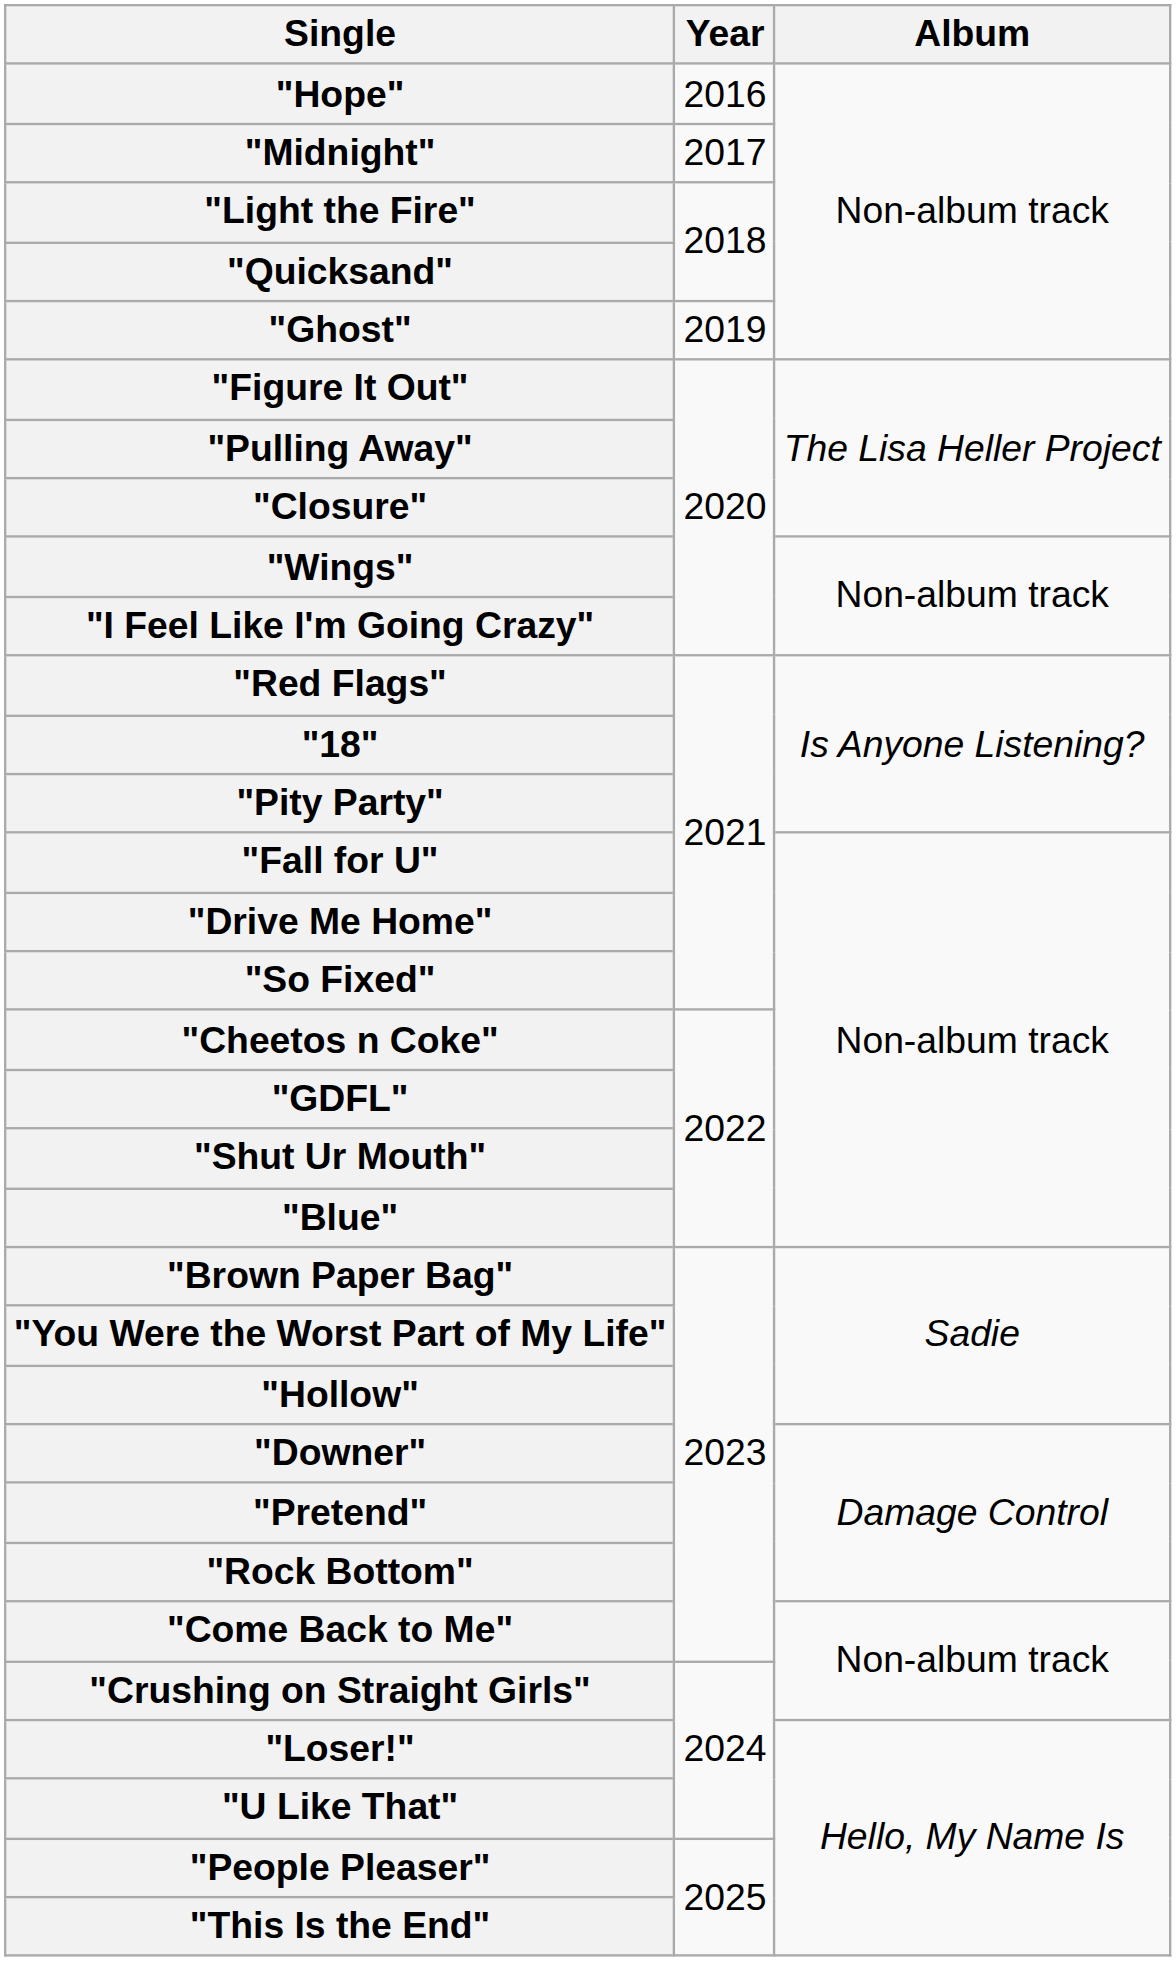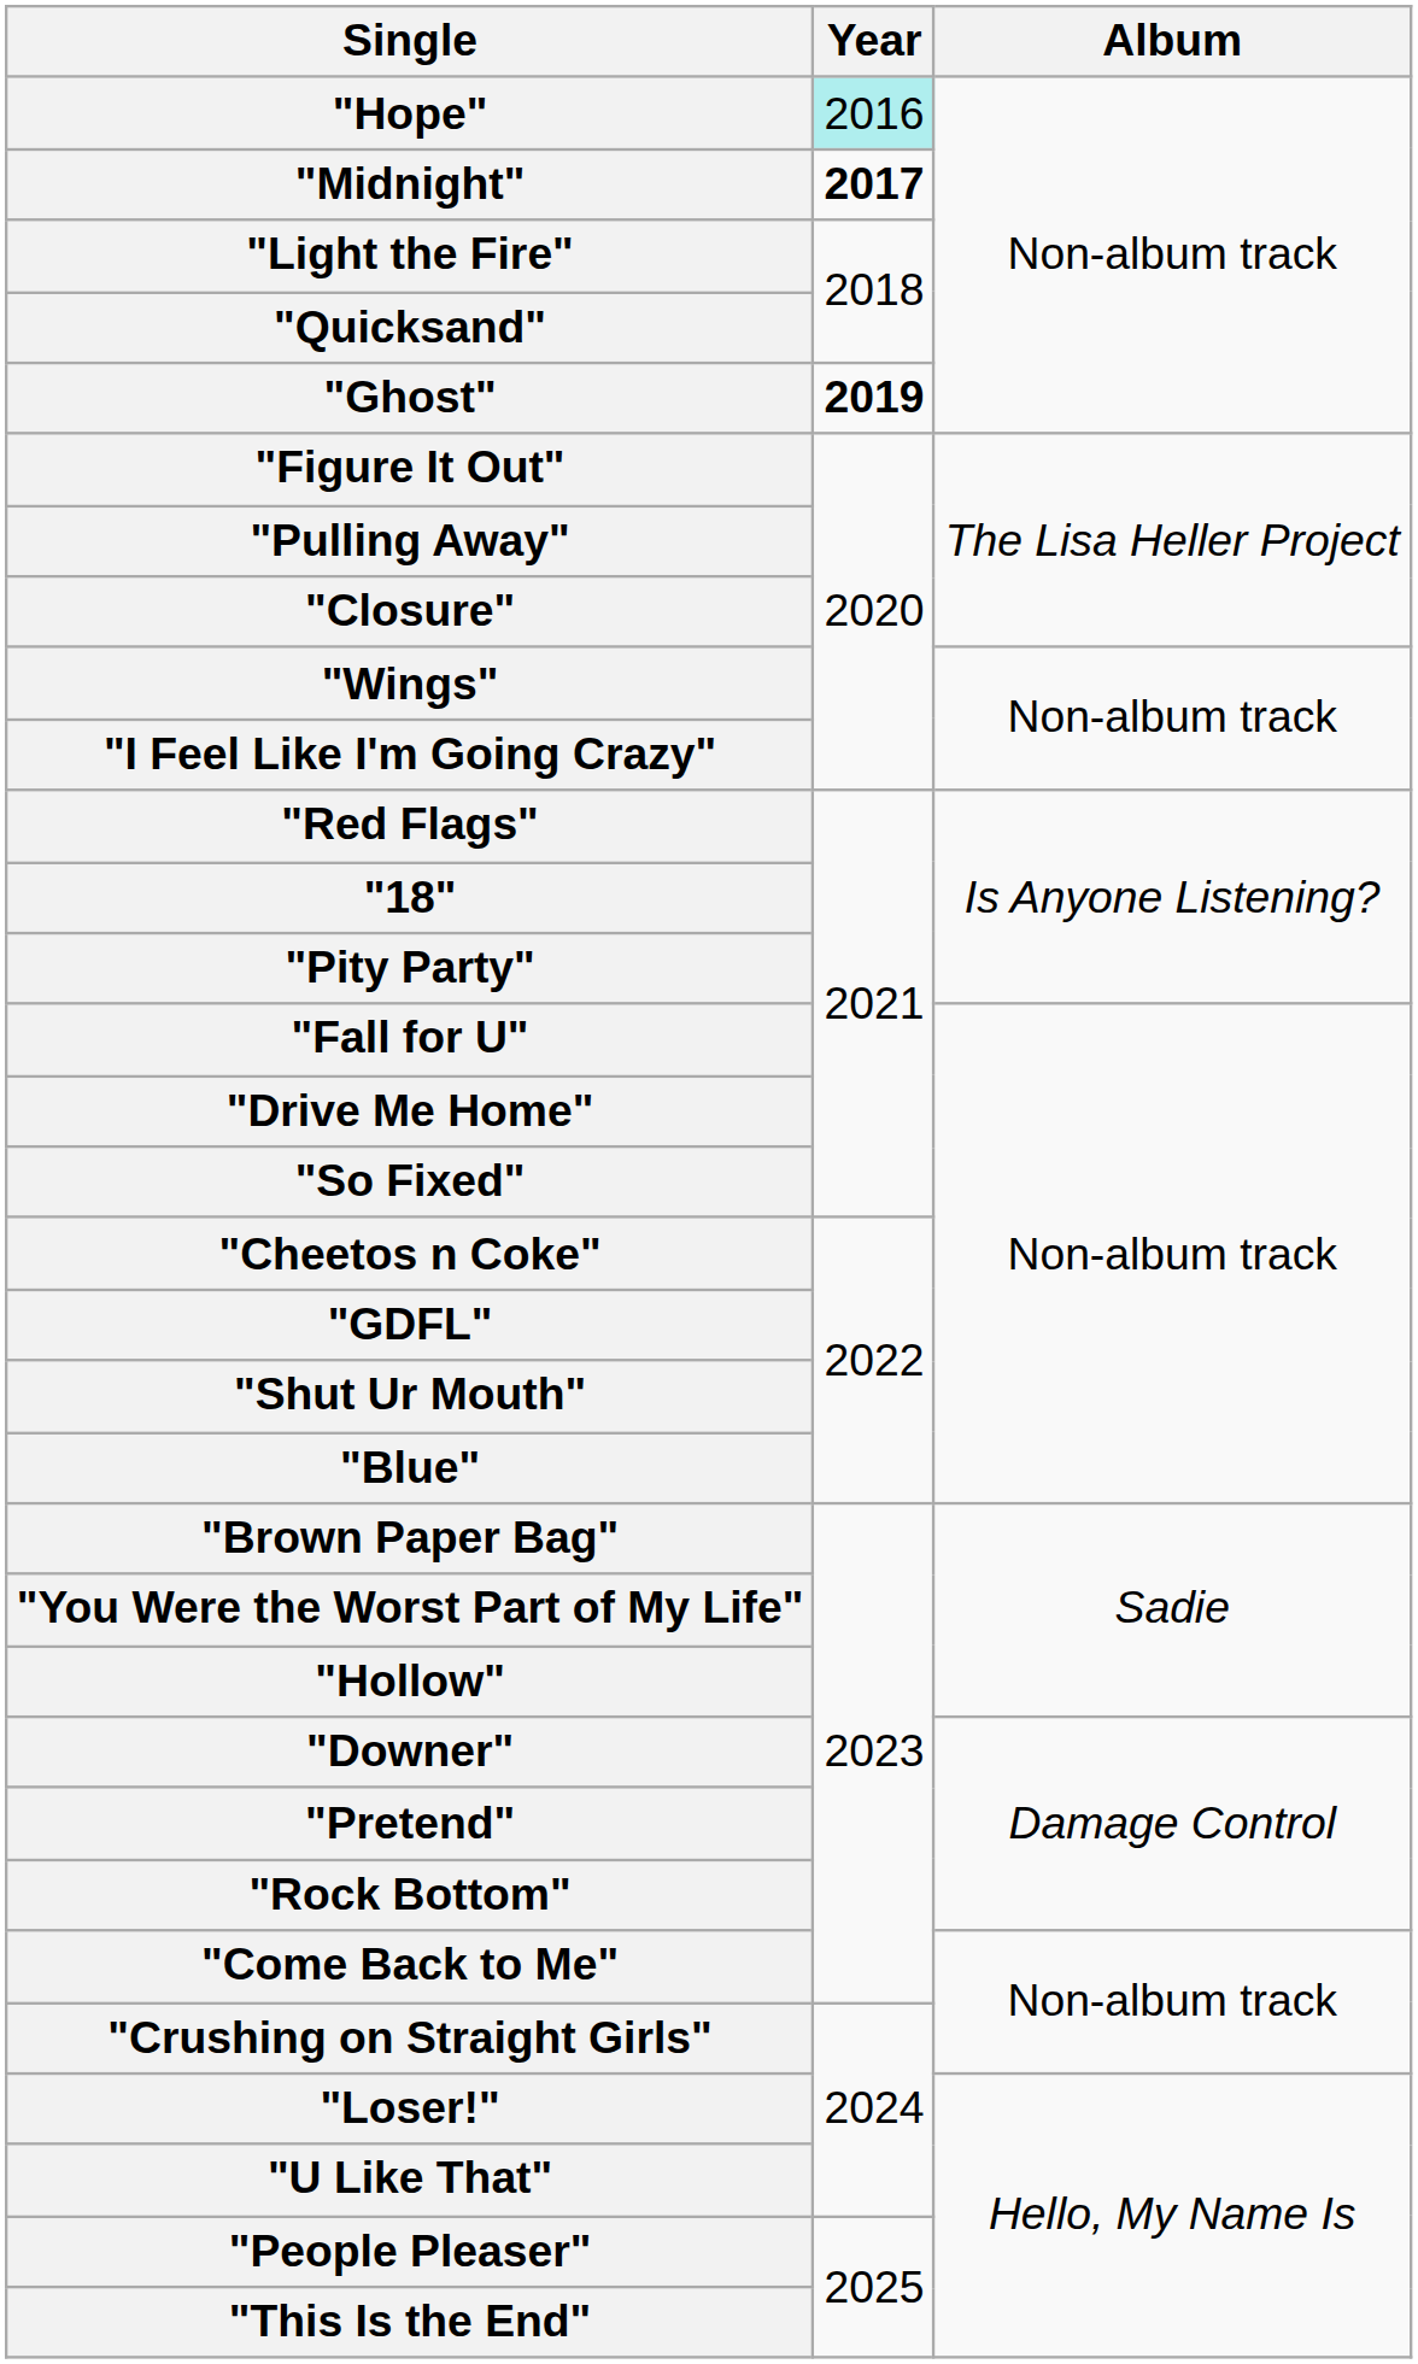 <table class="wikitable plainrowheaders" style="text-align:center;">
 <tr>
 <th scope="col">Single</th>
 <th scope="col">Year</th>
 <th scope="col">Album</th>
 </tr>
 <tr>
 <th scope="row">"Hope"</th>
-<td>2016</td>
+<td style="background: paleturquoise;">2016</td>
 <td rowspan="5">Non-album track</td>
 </tr>
 <tr>
 <th scope="row">"Midnight"</th>
-<td>2017</td>
+<td><strong>2017</strong></td>
 </tr>
 <tr>
 <th scope="row">"Light the Fire"</th>
 <td rowspan="2">2018</td>
 </tr>
 <tr>
 <th scope="row">"Quicksand"</th>
 </tr>
 <tr>
 <th scope="row">"Ghost"</th>
-<td>2019</td>
+<td><strong>2019</strong></td>
 </tr>
 <tr>
 <th scope="row">"Figure It Out"</th>
 <td rowspan="5">2020</td>
 <td rowspan="3"><em>The Lisa Heller Project</em></td>
 </tr>
 <tr>
 <th scope="row">"Pulling Away"</th>
 </tr>
 <tr>
 <th scope="row">"Closure"</th>
 </tr>
 <tr>
 <th scope="row">"Wings"</th>
 <td rowspan="2">Non-album track</td>
 </tr>
 <tr>
 <th scope="row">"I Feel Like I'm Going Crazy"</th>
 </tr>
 <tr>
 <th scope="row">"Red Flags"</th>
 <td rowspan="6">2021</td>
 <td rowspan="3"><em>Is Anyone Listening?</em></td>
 </tr>
 <tr>
 <th scope="row">"18"</th>
 </tr>
 <tr>
 <th scope="row">"Pity Party"</th>
 </tr>
 <tr>
 <th scope="row">"Fall for U"</th>
 <td rowspan="7">Non-album track</td>
 </tr>
 <tr>
 <th scope="row">"Drive Me Home"</th>
 </tr>
 <tr>
 <th scope="row">"So Fixed"</th>
 </tr>
 <tr>
 <th scope="row">"Cheetos n Coke"</th>
 <td rowspan="4">2022</td>
 </tr>
 <tr>
 <th scope="row">"GDFL"</th>
 </tr>
 <tr>
 <th scope="row">"Shut Ur Mouth"</th>
 </tr>
 <tr>
 <th scope="row">"Blue"</th>
 </tr>
 <tr>
 <th scope="row">"Brown Paper Bag"</th>
 <td rowspan="7">2023</td>
 <td rowspan="3"><em>Sadie</em></td>
 </tr>
 <tr>
 <th scope="row">"You Were the Worst Part of My Life"</th>
 </tr>
 <tr>
 <th scope="row">"Hollow"</th>
 </tr>
 <tr>
 <th scope="row">"Downer"</th>
 <td rowspan="3"><em>Damage Control</em></td>
 </tr>
 <tr>
 <th scope="row">"Pretend"</th>
 </tr>
 <tr>
 <th scope="row">"Rock Bottom"</th>
 </tr>
 <tr>
 <th scope="row">"Come Back to Me"</th>
 <td rowspan="2">Non-album track</td>
 </tr>
 <tr>
 <th scope="row">"Crushing on Straight Girls"</th>
 <td rowspan="3">2024</td>
 </tr>
 <tr>
 <th scope="row">"Loser!"</th>
 <td rowspan="4"><em>Hello, My Name Is</em></td>
 </tr>
 <tr>
 <th scope="row">"U Like That"</th>
 </tr>
 <tr>
 <th scope="row">"People Pleaser"</th>
 <td rowspan="2">2025</td>
 </tr>
 <tr>
 <th scope="row">"This Is the End"</th>
 </tr>
 </table>
